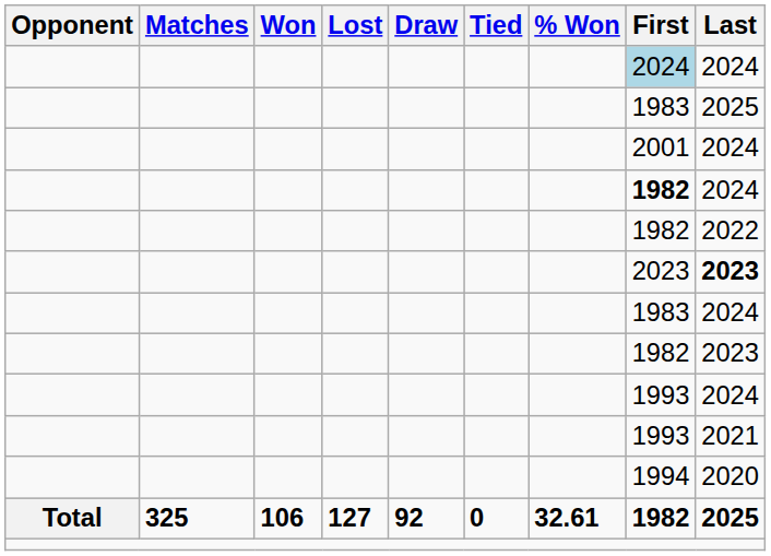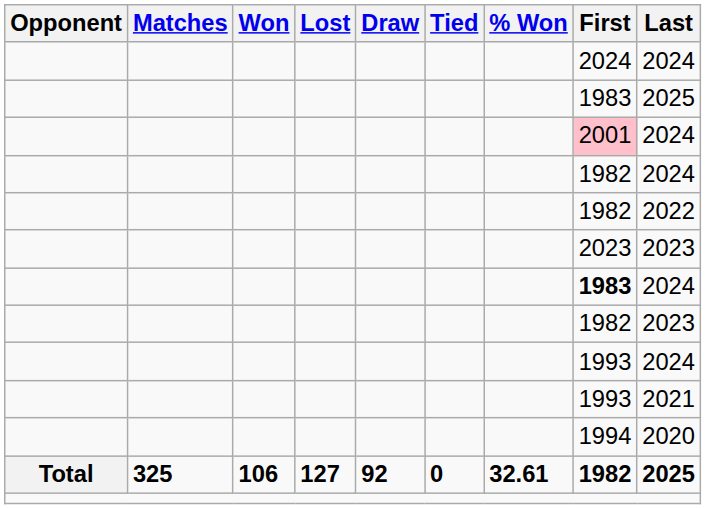 <table class="wikitable plainrowheaders sortable">
 <tr>
 <th scope="col">Opponent</th>
 <th scope="col"><a href='#'>Matches</a></th>
 <th scope="col"><a href='#'>Won</a></th>
 <th scope="col"><a href='#'>Lost</a></th>
 <th scope="col"><a href='#'>Draw</a></th>
 <th scope="col"><a href='#'>Tied</a></th>
 <th scope="col"><a href='#'>% Won</a></th>
 <th scope="col">First</th>
 <th scope="col">Last</th>
 </tr>
 <tr>
 <td></td>
 <td></td>
 <td></td>
 <td></td>
 <td></td>
 <td></td>
 <td></td>
-<td style="background: lightblue;">2024</td>
+<td>2024</td>
 <td>2024</td>
 </tr>
 <tr>
 <td></td>
 <td></td>
 <td></td>
 <td></td>
 <td></td>
 <td></td>
 <td></td>
 <td>1983</td>
 <td>2025</td>
 </tr>
 <tr>
 <td></td>
 <td></td>
 <td></td>
 <td></td>
 <td></td>
 <td></td>
 <td></td>
-<td>2001</td>
+<td style="background: pink;">2001</td>
 <td>2024</td>
 </tr>
 <tr>
 <td></td>
 <td></td>
 <td></td>
 <td></td>
 <td></td>
 <td></td>
 <td></td>
-<td><strong>1982</strong></td>
+<td>1982</td>
 <td>2024</td>
 </tr>
 <tr>
 <td></td>
 <td></td>
 <td></td>
 <td></td>
 <td></td>
 <td></td>
 <td></td>
 <td>1982</td>
 <td>2022</td>
 </tr>
 <tr>
 <td></td>
 <td></td>
 <td></td>
 <td></td>
 <td></td>
 <td></td>
 <td></td>
 <td>2023</td>
-<td><strong>2023</strong></td>
+<td>2023</td>
 </tr>
 <tr>
 <td></td>
 <td></td>
 <td></td>
 <td></td>
 <td></td>
 <td></td>
 <td></td>
-<td>1983</td>
+<td><strong>1983</strong></td>
 <td>2024</td>
 </tr>
 <tr>
 <td></td>
 <td></td>
 <td></td>
 <td></td>
 <td></td>
 <td></td>
 <td></td>
 <td>1982</td>
 <td>2023</td>
 </tr>
 <tr>
 <td></td>
 <td></td>
 <td></td>
 <td></td>
 <td></td>
 <td></td>
 <td></td>
 <td>1993</td>
 <td>2024</td>
 </tr>
 <tr>
 <td></td>
 <td></td>
 <td></td>
 <td></td>
 <td></td>
 <td></td>
 <td></td>
 <td>1993</td>
 <td>2021</td>
 </tr>
 <tr>
 <td></td>
 <td></td>
 <td></td>
 <td></td>
 <td></td>
 <td></td>
 <td></td>
 <td>1994</td>
 <td>2020</td>
 </tr>
 <tr class="sortbottom">
 <th scope="row" style="text-align:center">Total</th>
 <td><strong>325</strong></td>
 <td><strong>106</strong></td>
 <td><strong>127</strong></td>
 <td><strong>92</strong></td>
 <td><strong>0</strong></td>
 <td><strong>32.61</strong></td>
 <td><strong>1982</strong></td>
 <td><strong>2025</strong></td>
 </tr>
 <tr s>
 <td colspan=10></td>
 </tr>
 </table>
